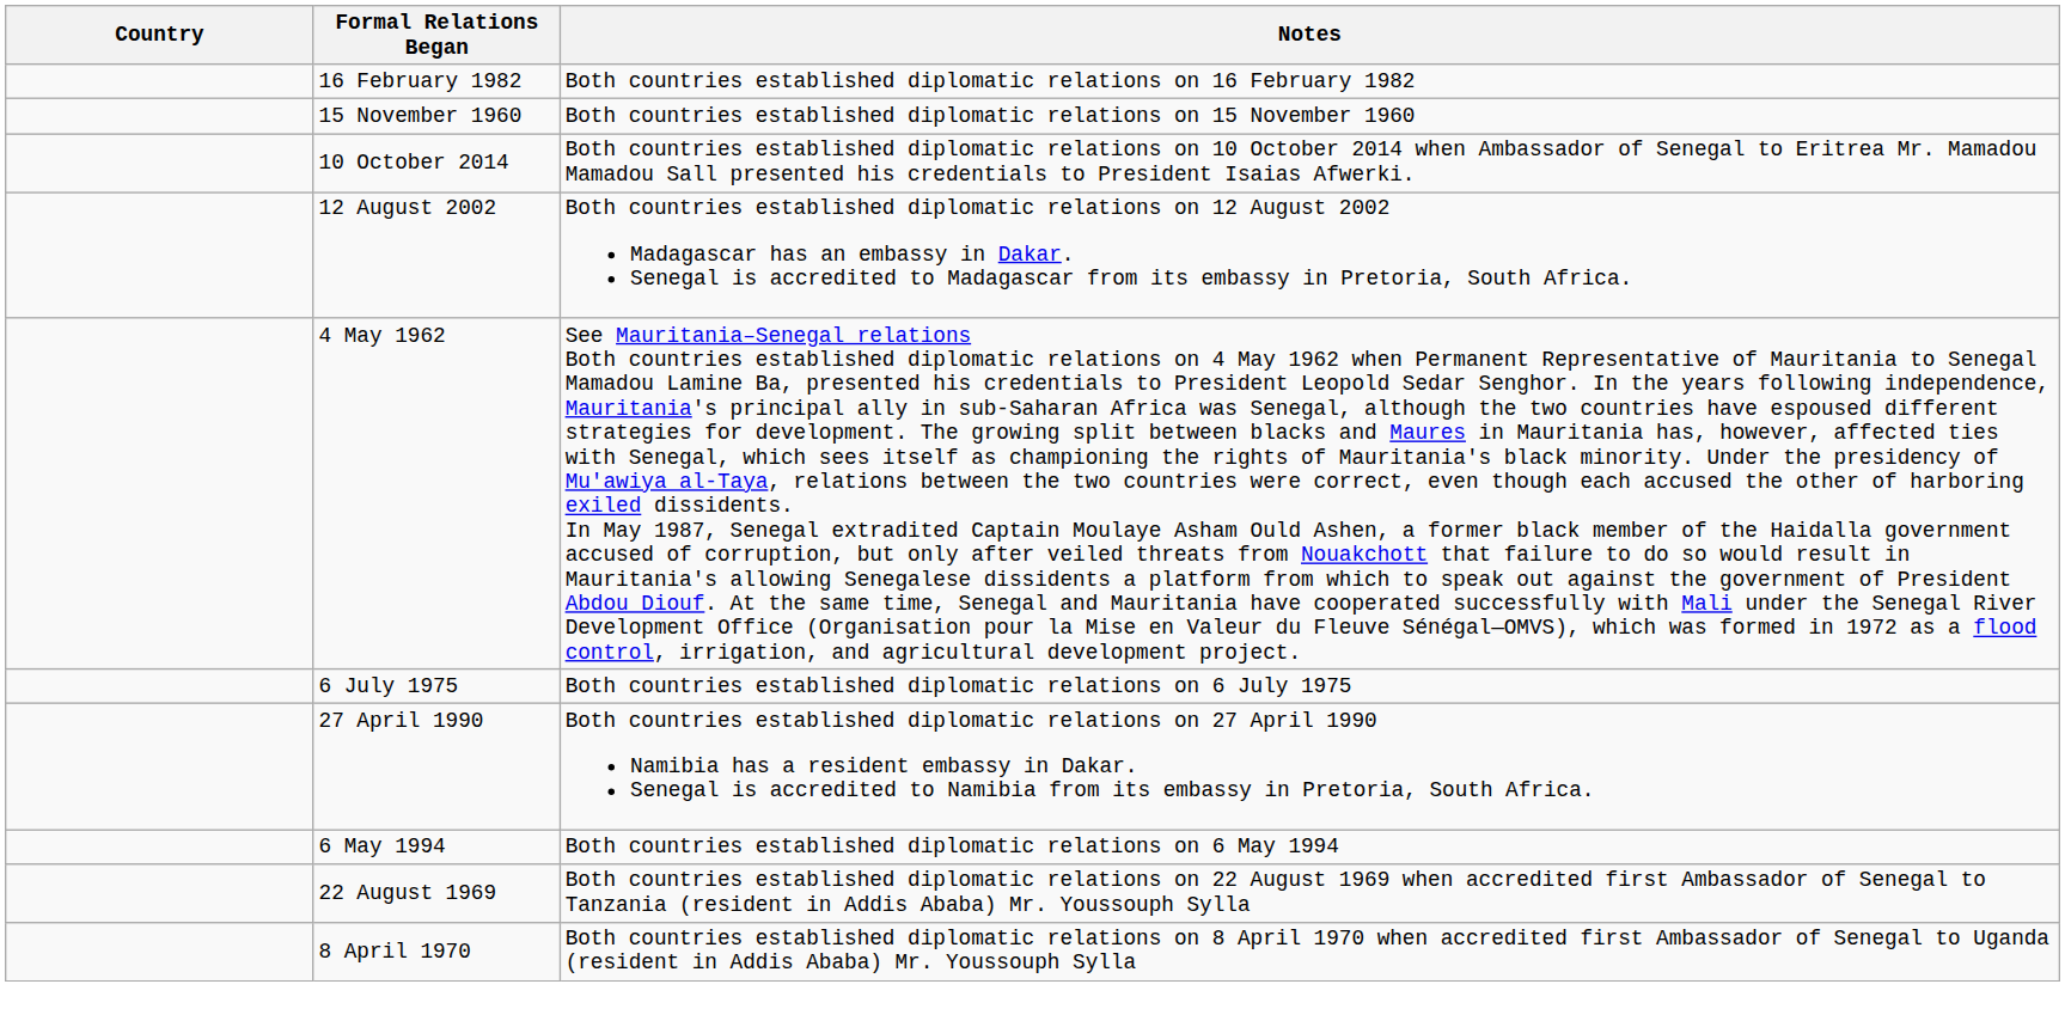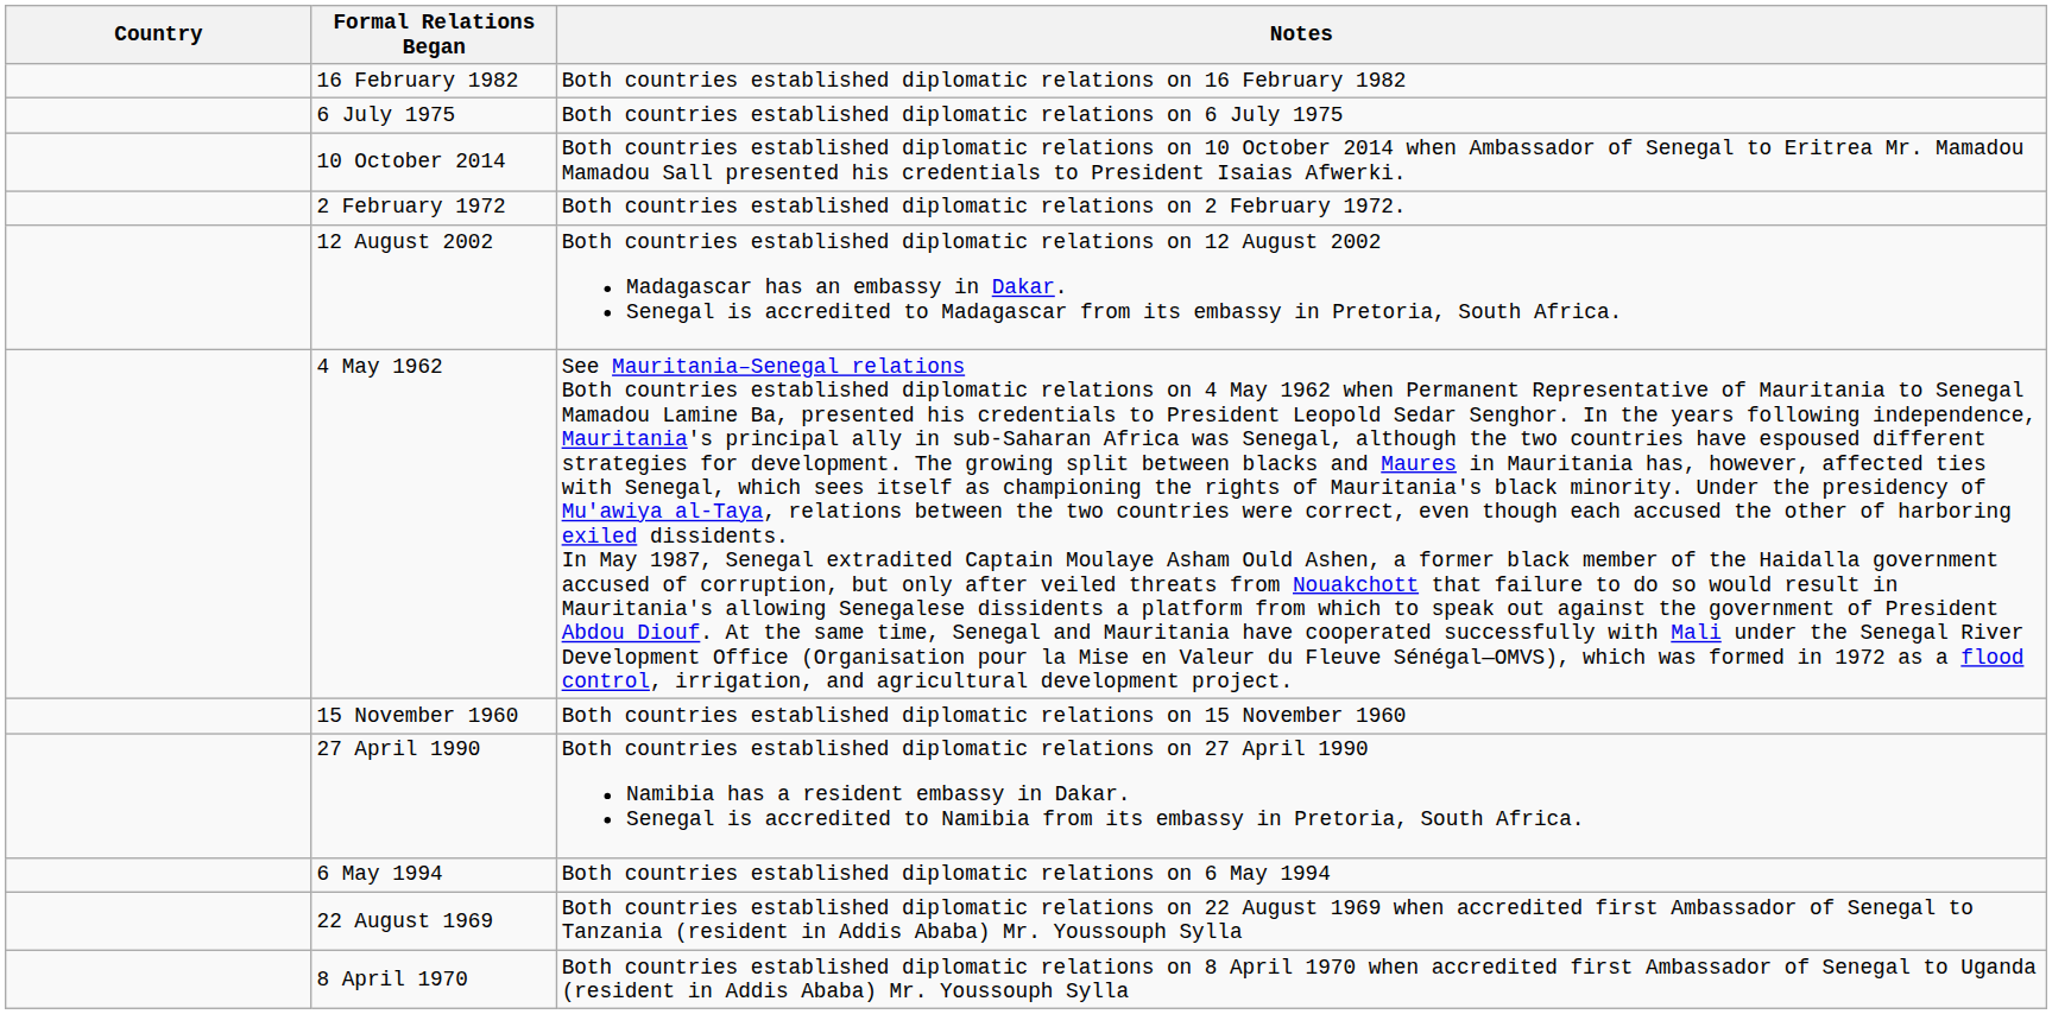 <table class="wikitable sortable" style="width:100%; margin:auto;">
 <tr>
 <th style="width:15%;">Country</th>
 <th style="width:12%;">Formal Relations Began</th>
 <th>Notes</th>
 </tr>
 <tr>
 <td></td>
 <td>16 February 1982</td>
 <td>Both countries established diplomatic relations on 16 February 1982</td>
 </tr>
 <tr>
 <td></td>
-<td>15 November 1960</td>
-<td>Both countries established diplomatic relations on 15 November 1960</td>
+<td>6 July 1975</td>
+<td>Both countries established diplomatic relations on 6 July 1975</td>
 </tr>
 <tr>
 <td></td>
 <td>10 October 2014</td>
 <td>Both countries established diplomatic relations on 10 October 2014 when Ambassador of Senegal to Eritrea Mr. Mamadou Mamadou Sall presented his credentials to President Isaias Afwerki.</td>
+</tr>
+<tr>
+<td></td>
+<td>2 February 1972</td>
+<td>Both countries established diplomatic relations on 2 February 1972.</td>
 </tr>
 <tr valign="top">
 <td></td>
 <td>12 August 2002</td>
 <td>Both countries established diplomatic relations on 12 August 2002<br><ul><li>Madagascar has an embassy in <a href='#'>Dakar</a>.</li><li>Senegal is accredited to Madagascar from its embassy in Pretoria, South Africa.</li></ul></td>
 </tr>
 <tr valign="top">
 <td></td>
 <td>4 May 1962</td>
 <td>See <a href='#'>Mauritania–Senegal relations</a><br>Both countries established diplomatic relations on 4 May 1962 when Permanent Representative of Mauritania to Senegal Mamadou Lamine Ba, presented his credentials to President Leopold Sedar Senghor. In the years following independence, <a href='#'>Mauritania</a>'s principal ally in sub-Saharan Africa was Senegal, although the two countries have espoused different strategies for development. The growing split between blacks and <a href='#'>Maures</a> in Mauritania has, however, affected ties with Senegal, which sees itself as championing the rights of Mauritania's black minority. Under the presidency of <a href='#'>Mu'awiya al-Taya</a>, relations between the two countries were correct, even though each accused the other of harboring <a href='#'>exiled</a> dissidents.<br>In May 1987, Senegal extradited Captain Moulaye Asham Ould Ashen, a former black member of the Haidalla government accused of corruption, but only after veiled threats from <a href='#'>Nouakchott</a> that failure to do so would result in Mauritania's allowing Senegalese dissidents a platform from which to speak out against the government of President <a href='#'>Abdou Diouf</a>. At the same time, Senegal and Mauritania have cooperated successfully with <a href='#'>Mali</a> under the Senegal River Development Office (Organisation pour la Mise en Valeur du Fleuve Sénégal—OMVS), which was formed in 1972 as a <a href='#'>flood control</a>, irrigation, and agricultural development project.</td>
 </tr>
 <tr>
 <td></td>
-<td>6 July 1975</td>
-<td>Both countries established diplomatic relations on 6 July 1975</td>
+<td>15 November 1960</td>
+<td>Both countries established diplomatic relations on 15 November 1960</td>
 </tr>
 <tr valign="top">
 <td></td>
 <td>27 April 1990</td>
 <td>Both countries established diplomatic relations on 27 April 1990<br><ul><li>Namibia has a resident embassy in Dakar.</li><li>Senegal is accredited to Namibia from its embassy in Pretoria, South Africa.</li></ul></td>
 </tr>
 <tr>
 <td></td>
 <td>6 May 1994</td>
 <td>Both countries established diplomatic relations on 6 May 1994</td>
 </tr>
 <tr>
 <td></td>
 <td>22 August 1969</td>
 <td>Both countries established diplomatic relations on 22 August 1969 when accredited first Ambassador of Senegal to Tanzania (resident in Addis Ababa) Mr. Youssouph Sylla</td>
 </tr>
 <tr>
 <td></td>
 <td>8 April 1970</td>
 <td>Both countries established diplomatic relations on 8 April 1970 when accredited first Ambassador of Senegal to Uganda (resident in Addis Ababa) Mr. Youssouph Sylla</td>
 </tr>
 </table>
